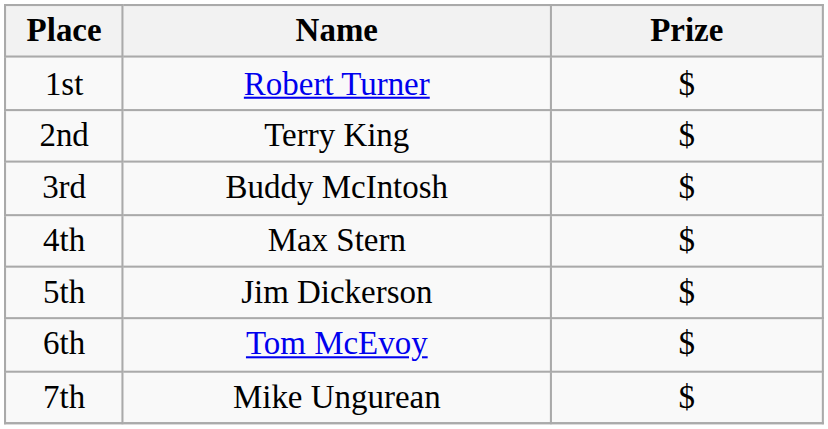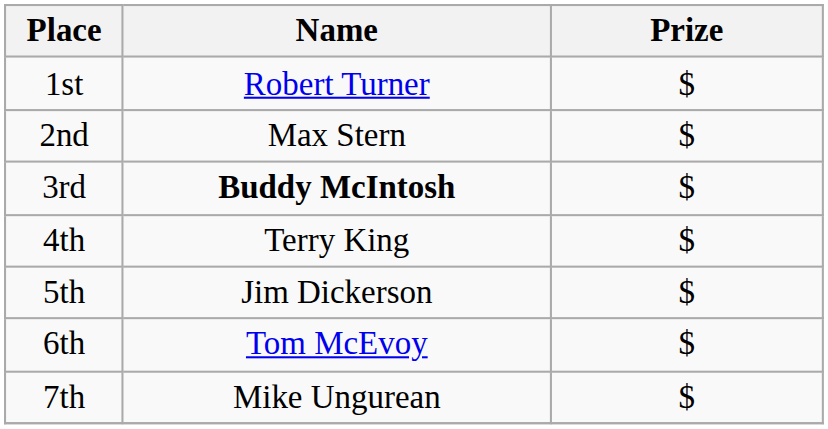 <table class="wikitable">
 <tr>
 <th width="50">Place</th>
 <th width="200">Name</th>
 <th width="125">Prize</th>
 </tr>
 <tr>
 <td align = "center">1st</td>
 <td align = "center"><a href='#'>Robert Turner</a></td>
 <td align = "center">$</td>
 </tr>
 <tr>
 <td align = "center">2nd</td>
-<td align = "center">Terry King</td>
+<td align = "center">Max Stern</td>
 <td align = "center">$</td>
 </tr>
 <tr>
 <td align = "center">3rd</td>
-<td align = "center">Buddy McIntosh</td>
+<td align = "center"><strong>Buddy McIntosh</strong></td>
 <td align = "center">$</td>
 </tr>
 <tr>
 <td align = "center">4th</td>
-<td align = "center">Max Stern</td>
+<td align = "center">Terry King</td>
 <td align = "center">$</td>
 </tr>
 <tr>
 <td align = "center">5th</td>
 <td align = "center">Jim Dickerson</td>
 <td align = "center">$</td>
 </tr>
 <tr>
 <td align = "center">6th</td>
 <td align = "center"><a href='#'>Tom McEvoy</a></td>
 <td align = "center">$</td>
 </tr>
 <tr>
 <td align = "center">7th</td>
 <td align = "center">Mike Ungurean</td>
 <td align = "center">$</td>
 </tr>
 <tr>
 </tr>
 </table>
